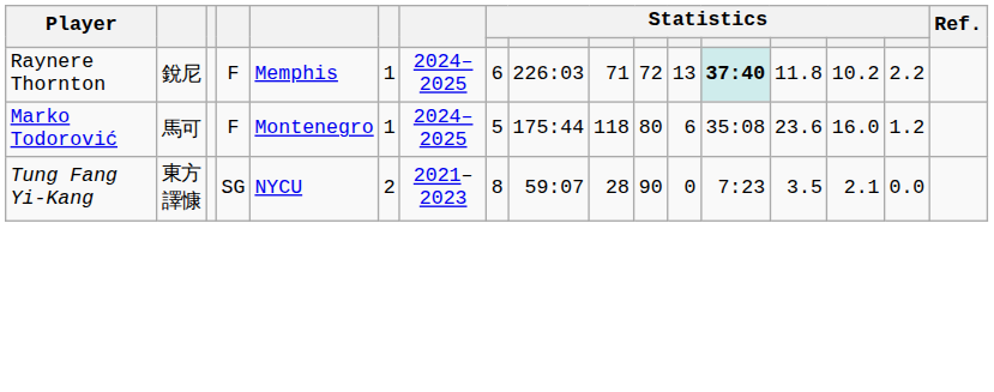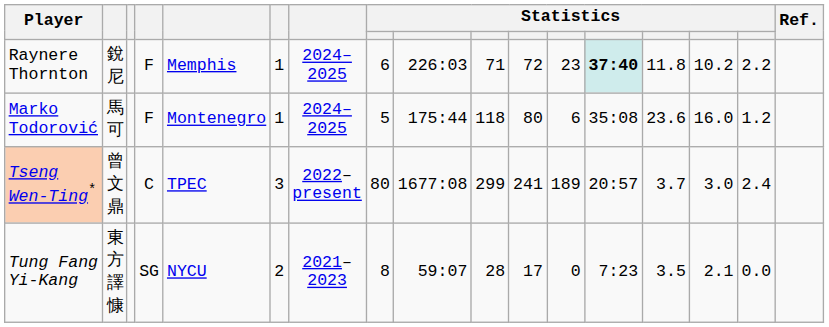 <table class="wikitable sortable" style="font-size:95%; text-align:right;">
 <tr>
 <th rowspan="2">Player</th>
 <th rowspan="2"></th>
 <th rowspan="2"></th>
 <th rowspan="2"></th>
 <th rowspan="2"></th>
 <th rowspan="2"></th>
 <th rowspan="2"></th>
 <th colspan="9">Statistics</th>
 <th rowspan="2">Ref.</th>
 </tr>
 <tr>
 <th></th>
 <th></th>
 <th></th>
 <th></th>
 <th></th>
 <th></th>
 <th></th>
 <th></th>
 <th></th>
 </tr>
 <tr>
 <td align="left">Raynere Thornton</td>
 <td align="left">銳尼</td>
 <td align="center"></td>
 <td align="center">F</td>
 <td align="left"><a href='#'>Memphis</a></td>
 <td align="center">1</td>
 <td align="center"><a href='#'>2024–2025</a></td>
 <td>6</td>
 <td>226:03</td>
 <td>71</td>
 <td>72</td>
-<td>13</td>
+<td>23</td>
 <td bgcolor="#CFECEC"><strong>37:40</strong></td>
 <td>11.8</td>
 <td>10.2</td>
 <td>2.2</td>
 <td align="center"></td>
 </tr>
 <tr>
 <td align="left"><a href='#'>Marko Todorović</a></td>
 <td align="left">馬可</td>
 <td align="center"></td>
 <td align="center">F</td>
 <td align="left"><a href='#'>Montenegro</a></td>
 <td align="center">1</td>
 <td align="center"><a href='#'>2024–2025</a></td>
 <td>5</td>
 <td>175:44</td>
 <td>118</td>
 <td>80</td>
 <td>6</td>
 <td>35:08</td>
 <td>23.6</td>
 <td>16.0</td>
 <td>1.2</td>
 <td align="center"></td>
 </tr>
 <tr>
+<td align="left" bgcolor="#FBCEB1"><em><a href='#'>Tseng Wen-Ting</a></em><sup>*</sup></td>
+<td align="left">曾文鼎</td>
+<td align="center"></td>
+<td align="center">C</td>
+<td align="left"><a href='#'>TPEC</a></td>
+<td align="center">3</td>
+<td align="center"><a href='#'>2022</a>–<a href='#'>present</a></td>
+<td>80</td>
+<td>1677:08</td>
+<td>299</td>
+<td>241</td>
+<td>189</td>
+<td>20:57</td>
+<td>3.7</td>
+<td>3.0</td>
+<td>2.4</td>
+<td align="center"></td>
+</tr>
+<tr>
 <td align="left"><em>Tung Fang Yi-Kang</em></td>
 <td align="left">東方譯慷</td>
 <td align="center"></td>
 <td align="center">SG</td>
 <td align="left"><a href='#'>NYCU</a></td>
 <td align="center">2</td>
 <td align="center"><a href='#'>2021</a>–<a href='#'>2023</a></td>
 <td>8</td>
 <td>59:07</td>
 <td>28</td>
-<td>90</td>
+<td>17</td>
 <td>0</td>
 <td>7:23</td>
 <td>3.5</td>
 <td>2.1</td>
 <td>0.0</td>
 <td align="center"></td>
 </tr>
 </table>
